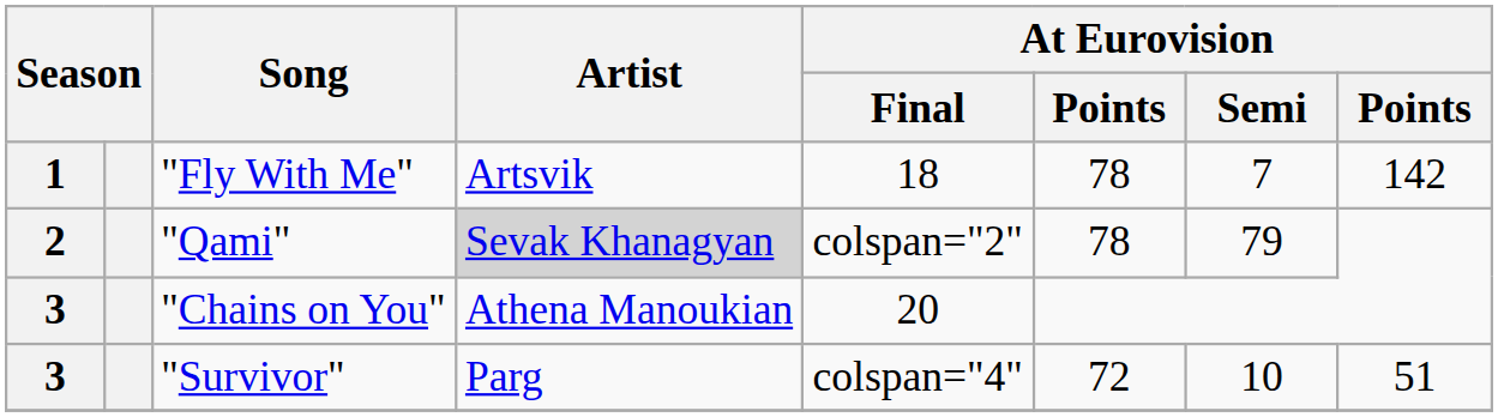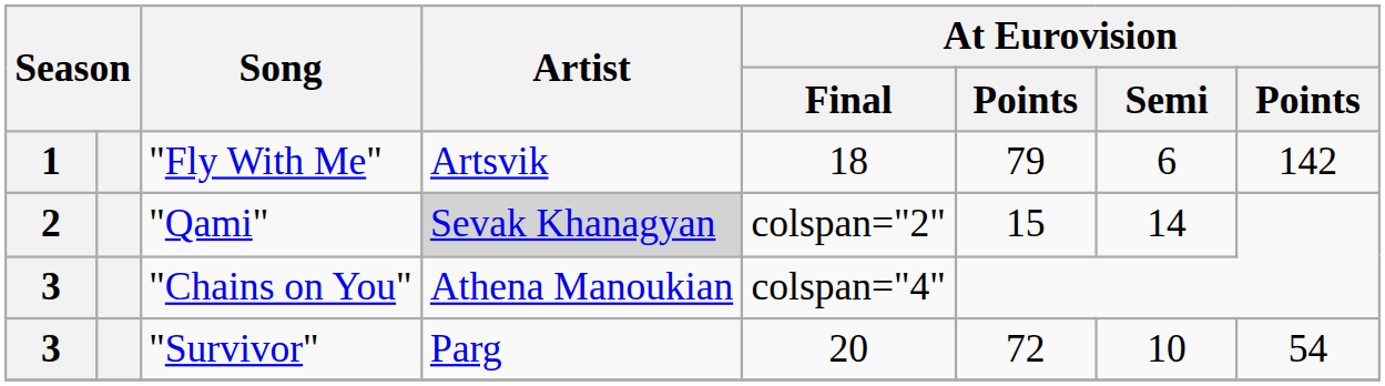 <table class="wikitable sortable" style="text-align:center;">
 <tr>
 <th rowspan=2 colspan=2>Season</th>
 <th rowspan=2>Song</th>
 <th rowspan=2>Artist</th>
 <th colspan=4>At Eurovision</th>
 </tr>
 <tr>
 <th width=50px>Final</th>
 <th width=50px>Points</th>
 <th width=50px>Semi</th>
 <th width=50px>Points</th>
 </tr>
 <tr>
 <th>1</th>
 <th></th>
 <td align=left>"<a href='#'>Fly With Me</a>"</td>
 <td align=left><a href='#'>Artsvik</a></td>
 <td>18</td>
-<td>78</td>
-<td>7</td>
+<td>79</td>
+<td>6</td>
 <td>142</td>
 </tr>
 <tr>
 <th>2</th>
 <th></th>
 <td align=left>"<a href='#'>Qami</a>"</td>
 <td align=left style="background: lightgrey;"><a href='#'>Sevak Khanagyan</a></td>
 <td>colspan="2" </td>
-<td>78</td>
-<td>79</td>
+<td>15</td>
+<td>14</td>
 </tr>
 <tr>
 <th>3</th>
 <th></th>
 <td align=left>"<a href='#'>Chains on You</a>"</td>
 <td align=left><a href='#'>Athena Manoukian</a></td>
-<td>20</td>
+<td>colspan="4" </td>
 </tr>
 <tr>
 <th>3</th>
 <th></th>
 <td align=left>"<a href='#'>Survivor</a>"</td>
 <td align=left><a href='#'>Parg</a></td>
-<td>colspan="4" </td>
+<td>20</td>
 <td>72</td>
 <td>10</td>
-<td>51</td>
+<td>54</td>
 </tr>
 <tr>
 </tr>
 </table>
